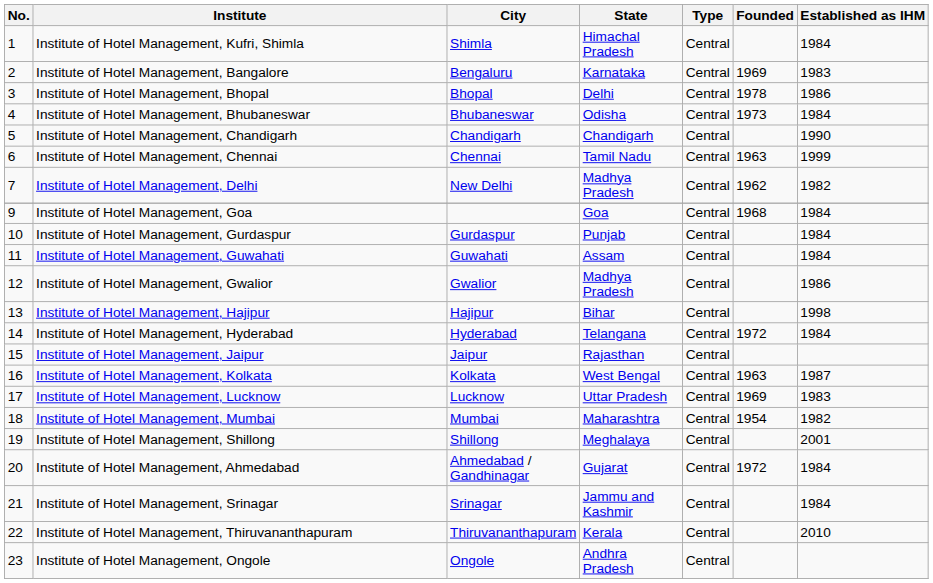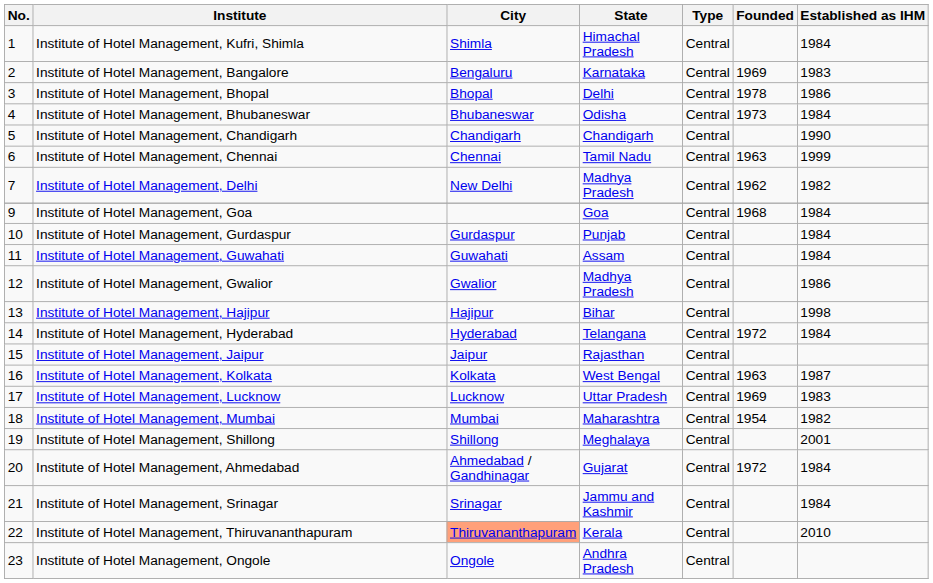 <table class="wikitable sortable" style="font-size: 93%">
 <tr>
 <th>No.</th>
 <th scope="col" style="width:443px;">Institute</th>
 <th scope="col" style="width:80px;">City</th>
 <th scope="col" style="width:105px;">State</th>
 <th>Type</th>
 <th scope="col" style="width:30px;">Founded</th>
 <th>Established as IHM</th>
 </tr>
 <tr>
 <td>1</td>
 <td>Institute of Hotel Management, Kufri, Shimla</td>
 <td><a href='#'>Shimla</a></td>
 <td><a href='#'>Himachal Pradesh</a></td>
 <td>Central</td>
 <td></td>
 <td>1984</td>
 </tr>
 <tr>
 <td>2</td>
 <td>Institute of Hotel Management, Bangalore</td>
 <td><a href='#'>Bengaluru</a></td>
 <td><a href='#'>Karnataka</a></td>
 <td>Central</td>
 <td>1969</td>
 <td>1983</td>
 </tr>
 <tr>
 <td>3</td>
 <td>Institute of Hotel Management, Bhopal</td>
 <td><a href='#'>Bhopal</a></td>
 <td><a href='#'>Delhi</a></td>
 <td>Central</td>
 <td>1978</td>
 <td>1986</td>
 </tr>
 <tr>
 <td>4</td>
 <td>Institute of Hotel Management, Bhubaneswar</td>
 <td><a href='#'>Bhubaneswar</a></td>
 <td><a href='#'>Odisha</a></td>
 <td>Central</td>
 <td>1973</td>
 <td>1984</td>
 </tr>
 <tr>
 <td>5</td>
 <td>Institute of Hotel Management, Chandigarh</td>
 <td><a href='#'>Chandigarh</a></td>
 <td><a href='#'>Chandigarh</a></td>
 <td>Central</td>
 <td></td>
 <td>1990</td>
 </tr>
 <tr>
 <td>6</td>
 <td>Institute of Hotel Management, Chennai</td>
 <td><a href='#'>Chennai</a></td>
 <td><a href='#'>Tamil Nadu</a></td>
 <td>Central</td>
 <td>1963</td>
 <td>1999</td>
 </tr>
 <tr>
 <td>7</td>
 <td><a href='#'>Institute of Hotel Management, Delhi</a></td>
 <td><a href='#'>New Delhi</a></td>
 <td><a href='#'>Madhya Pradesh</a></td>
 <td>Central</td>
 <td>1962</td>
 <td>1982</td>
 </tr>
 <tr>
 </tr>
 <tr>
 <td>9</td>
 <td>Institute of Hotel Management, Goa</td>
 <td></td>
 <td><a href='#'>Goa</a></td>
 <td>Central</td>
 <td>1968</td>
 <td>1984</td>
 </tr>
 <tr>
 <td>10</td>
 <td>Institute of Hotel Management, Gurdaspur</td>
 <td><a href='#'>Gurdaspur</a></td>
 <td><a href='#'>Punjab</a></td>
 <td>Central</td>
 <td></td>
 <td>1984</td>
 </tr>
 <tr>
 <td>11</td>
 <td><a href='#'>Institute of Hotel Management, Guwahati</a></td>
 <td><a href='#'>Guwahati</a></td>
 <td><a href='#'>Assam</a></td>
 <td>Central</td>
 <td></td>
 <td>1984</td>
 </tr>
 <tr>
 <td>12</td>
 <td>Institute of Hotel Management, Gwalior</td>
 <td><a href='#'>Gwalior</a></td>
 <td><a href='#'>Madhya Pradesh</a></td>
 <td>Central</td>
 <td></td>
 <td>1986</td>
 </tr>
 <tr>
 <td>13</td>
 <td><a href='#'>Institute of Hotel Management, Hajipur</a></td>
 <td><a href='#'>Hajipur</a></td>
 <td><a href='#'>Bihar</a></td>
 <td>Central</td>
 <td></td>
 <td>1998</td>
 </tr>
 <tr>
 <td>14</td>
 <td>Institute of Hotel Management, Hyderabad</td>
 <td><a href='#'>Hyderabad</a></td>
 <td><a href='#'>Telangana</a></td>
 <td>Central</td>
 <td>1972</td>
 <td>1984</td>
 </tr>
 <tr>
 <td>15</td>
 <td><a href='#'>Institute of Hotel Management, Jaipur</a></td>
 <td><a href='#'>Jaipur</a></td>
 <td><a href='#'>Rajasthan</a></td>
 <td>Central</td>
 <td></td>
 <td></td>
 </tr>
 <tr>
 <td>16</td>
 <td><a href='#'>Institute of Hotel Management, Kolkata</a></td>
 <td><a href='#'>Kolkata</a></td>
 <td><a href='#'>West Bengal</a></td>
 <td>Central</td>
 <td>1963</td>
 <td>1987</td>
 </tr>
 <tr>
 <td>17</td>
 <td><a href='#'>Institute of Hotel Management, Lucknow</a></td>
 <td><a href='#'>Lucknow</a></td>
 <td><a href='#'>Uttar Pradesh</a></td>
 <td>Central</td>
 <td>1969</td>
 <td>1983</td>
 </tr>
 <tr>
 <td>18</td>
 <td><a href='#'>Institute of Hotel Management, Mumbai</a></td>
 <td><a href='#'>Mumbai</a></td>
 <td><a href='#'>Maharashtra</a></td>
 <td>Central</td>
 <td>1954</td>
 <td>1982</td>
 </tr>
 <tr>
 <td>19</td>
 <td>Institute of Hotel Management, Shillong</td>
 <td><a href='#'>Shillong</a></td>
 <td><a href='#'>Meghalaya</a></td>
 <td>Central</td>
 <td></td>
 <td>2001</td>
 </tr>
 <tr>
 <td>20</td>
 <td>Institute of Hotel Management, Ahmedabad</td>
 <td><a href='#'>Ahmedabad</a> / <a href='#'>Gandhinagar</a></td>
 <td><a href='#'>Gujarat</a></td>
 <td>Central</td>
 <td>1972</td>
 <td>1984</td>
 </tr>
 <tr>
 <td>21</td>
 <td>Institute of Hotel Management, Srinagar</td>
 <td><a href='#'>Srinagar</a></td>
 <td><a href='#'>Jammu and Kashmir</a></td>
 <td>Central</td>
 <td></td>
 <td>1984</td>
 </tr>
 <tr>
 <td>22</td>
 <td>Institute of Hotel Management, Thiruvananthapuram</td>
-<td><a href='#'>Thiruvananthapuram</a></td>
+<td style="background: lightsalmon;"><a href='#'>Thiruvananthapuram</a></td>
 <td><a href='#'>Kerala</a></td>
 <td>Central</td>
 <td></td>
 <td>2010</td>
 </tr>
 <tr>
 <td>23</td>
 <td>Institute of Hotel Management, Ongole</td>
 <td><a href='#'>Ongole</a></td>
 <td><a href='#'>Andhra Pradesh</a></td>
 <td>Central</td>
 <td></td>
 <td></td>
 </tr>
 </table>
